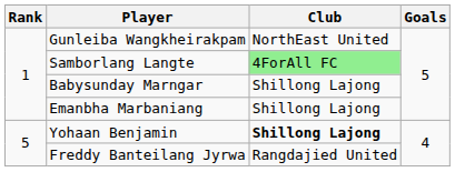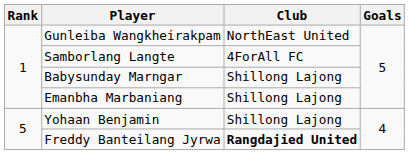 <table class="wikitable" style="text-align:center">
 <tr>
 <th>Rank</th>
 <th>Player</th>
 <th>Club</th>
 <th>Goals</th>
 </tr>
 <tr>
 <td rowspan="4">1</td>
 <td align="left">Gunleiba Wangkheirakpam</td>
 <td align="left">NorthEast United</td>
 <td rowspan="4">5</td>
 </tr>
 <tr>
 <td align="left">Samborlang Langte</td>
-<td align="left" style="background: lightgreen;">4ForAll FC</td>
+<td align="left">4ForAll FC</td>
 </tr>
 <tr>
 <td align="left">Babysunday Marngar</td>
 <td align="left">Shillong Lajong</td>
 </tr>
 <tr>
 <td align="left">Emanbha Marbaniang</td>
 <td align="left">Shillong Lajong</td>
 </tr>
 <tr>
 <td rowspan="2">5</td>
 <td align="left">Yohaan Benjamin</td>
-<td align="left"><strong>Shillong Lajong</strong></td>
+<td align="left">Shillong Lajong</td>
 <td rowspan="2">4</td>
 </tr>
 <tr>
 <td align="left">Freddy Banteilang Jyrwa</td>
-<td align="left">Rangdajied United</td>
+<td align="left"><strong>Rangdajied United</strong></td>
 </tr>
 </table>
